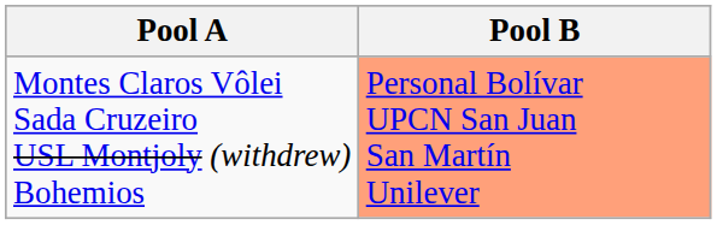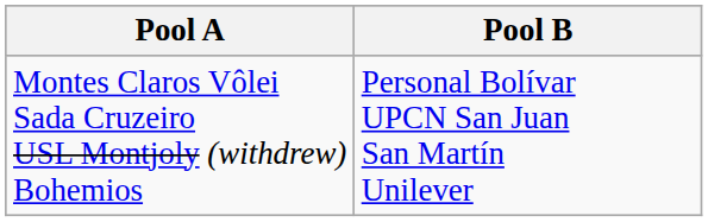 <table class="wikitable">
 <tr>
 <th width=50%>Pool A</th>
 <th width=50%>Pool B</th>
 </tr>
 <tr>
 <td> <a href='#'>Montes Claros Vôlei</a><br> <a href='#'>Sada Cruzeiro</a><br> <s><a href='#'>USL Montjoly</a></s> <em>(withdrew)</em><br> <a href='#'>Bohemios</a></td>
-<td style="background: lightsalmon;"> <a href='#'>Personal Bolívar</a><br> <a href='#'>UPCN San Juan</a><br> <a href='#'>San Martín</a><br> <a href='#'>Unilever</a></td>
+<td> <a href='#'>Personal Bolívar</a><br> <a href='#'>UPCN San Juan</a><br> <a href='#'>San Martín</a><br> <a href='#'>Unilever</a></td>
 </tr>
 </table>
